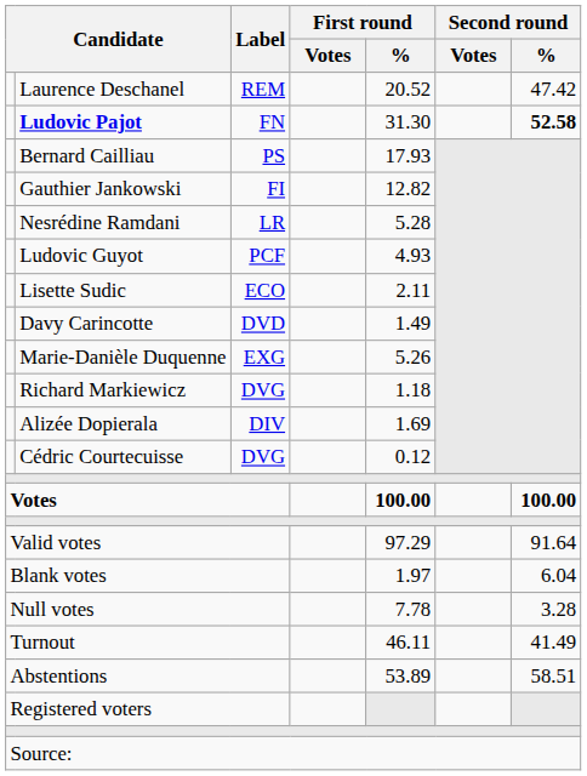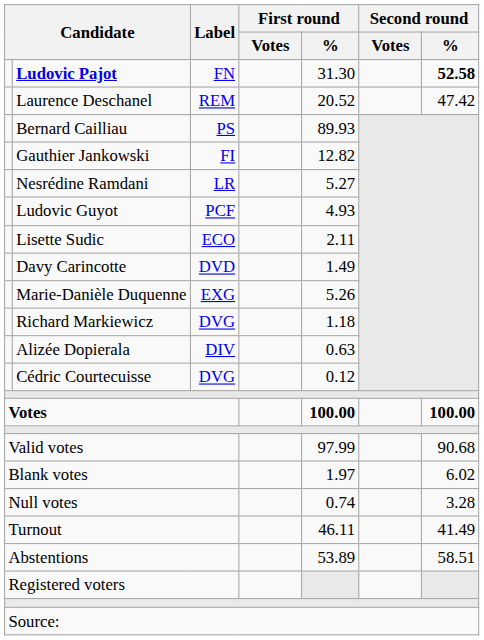 <table class="wikitable" style="text-align:right;font-size:95%;">
 <tr>
 <th rowspan="2" colspan="2">Candidate</th>
 <th rowspan="2">Label</th>
 <th colspan="2">First round</th>
 <th colspan="2">Second round</th>
 </tr>
 <tr>
 <th style="width:50px;">Votes</th>
 <th style="width:45px;">%</th>
 <th style="width:50px;">Votes</th>
 <th style="width:45px;">%</th>
 </tr>
 <tr>
 <td style="color:inherit;background:"></td>
+<td style="text-align:left;"><strong><a href='#'>Ludovic Pajot</a></strong></td>
+<td><a href='#'>FN</a></td>
+<td></td>
+<td>31.30</td>
+<td><strong></strong></td>
+<td><strong>52.58</strong></td>
+</tr>
+<tr>
+<td style="color:inherit;background:"></td>
 <td style="text-align:left;">Laurence Deschanel</td>
 <td><a href='#'>REM</a></td>
 <td></td>
 <td>20.52</td>
 <td></td>
 <td>47.42</td>
 </tr>
 <tr>
 <td style="color:inherit;background:"></td>
-<td style="text-align:left;"><strong><a href='#'>Ludovic Pajot</a></strong></td>
-<td><a href='#'>FN</a></td>
-<td></td>
-<td>31.30</td>
-<td><strong></strong></td>
-<td><strong>52.58</strong></td>
-</tr>
-<tr>
-<td style="color:inherit;background:"></td>
 <td style="text-align:left;">Bernard Cailliau</td>
 <td><a href='#'>PS</a></td>
 <td></td>
-<td>17.93</td>
+<td>89.93</td>
 <td colspan="2" rowspan="10" style="background:#E9E9E9;"></td>
 </tr>
 <tr>
 <td style="color:inherit;background:"></td>
 <td style="text-align:left;">Gauthier Jankowski</td>
 <td><a href='#'>FI</a></td>
 <td></td>
 <td>12.82</td>
 </tr>
 <tr>
 <td style="color:inherit;background:"></td>
 <td style="text-align:left;">Nesrédine Ramdani</td>
 <td><a href='#'>LR</a></td>
 <td></td>
-<td>5.28</td>
+<td>5.27</td>
 </tr>
 <tr>
 <td style="color:inherit;background:"></td>
 <td style="text-align:left;">Ludovic Guyot</td>
 <td><a href='#'>PCF</a></td>
 <td></td>
 <td>4.93</td>
 </tr>
 <tr>
 <td style="color:inherit;background:"></td>
 <td style="text-align:left;">Lisette Sudic</td>
 <td><a href='#'>ECO</a></td>
 <td></td>
 <td>2.11</td>
 </tr>
 <tr>
 <td style="color:inherit;background:"></td>
 <td style="text-align:left;">Davy Carincotte</td>
 <td><a href='#'>DVD</a></td>
 <td></td>
 <td>1.49</td>
 </tr>
 <tr>
 <td style="color:inherit;background:"></td>
 <td style="text-align:left;">Marie-Danièle Duquenne</td>
 <td><a href='#'>EXG</a></td>
 <td></td>
 <td>5.26</td>
 </tr>
 <tr>
 <td style="color:inherit;background:"></td>
 <td style="text-align:left;">Richard Markiewicz</td>
 <td><a href='#'>DVG</a></td>
 <td></td>
 <td>1.18</td>
 </tr>
 <tr>
 <td style="color:inherit;background:"></td>
 <td style="text-align:left;">Alizée Dopierala</td>
 <td><a href='#'>DIV</a></td>
 <td></td>
-<td>1.69</td>
+<td>0.63</td>
 </tr>
 <tr>
 <td style="color:inherit;background:"></td>
 <td style="text-align:left;">Cédric Courtecuisse</td>
 <td><a href='#'>DVG</a></td>
 <td></td>
 <td>0.12</td>
 </tr>
 <tr>
 <td colspan="7" style="background:#E9E9E9;"></td>
 </tr>
 <tr style="font-weight:bold;">
 <td colspan="3" style="text-align:left;">Votes</td>
 <td></td>
 <td>100.00</td>
 <td></td>
 <td>100.00</td>
 </tr>
 <tr>
 <td colspan="7" style="background:#E9E9E9;"></td>
 </tr>
 <tr>
 <td colspan="3" style="text-align:left;">Valid votes</td>
 <td></td>
-<td>97.29</td>
+<td>97.99</td>
 <td></td>
-<td>91.64</td>
+<td>90.68</td>
 </tr>
 <tr>
 <td colspan="3" style="text-align:left;">Blank votes</td>
 <td></td>
 <td>1.97</td>
 <td></td>
-<td>6.04</td>
+<td>6.02</td>
 </tr>
 <tr>
 <td colspan="3" style="text-align:left;">Null votes</td>
 <td></td>
-<td>7.78</td>
+<td>0.74</td>
 <td></td>
 <td>3.28</td>
 </tr>
 <tr>
 <td colspan="3" style="text-align:left;">Turnout</td>
 <td></td>
 <td>46.11</td>
 <td></td>
 <td>41.49</td>
 </tr>
 <tr>
 <td colspan="3" style="text-align:left;">Abstentions</td>
 <td></td>
 <td>53.89</td>
 <td></td>
 <td>58.51</td>
 </tr>
 <tr>
 <td colspan="3" style="text-align:left;">Registered voters</td>
 <td></td>
 <td style="background:#E9E9E9;"></td>
 <td></td>
 <td style="background:#E9E9E9;"></td>
 </tr>
 <tr>
 <td colspan="7" style="background:#E9E9E9;"></td>
 </tr>
 <tr>
 <td colspan="7" style="text-align:left;">Source: </td>
 </tr>
 </table>
